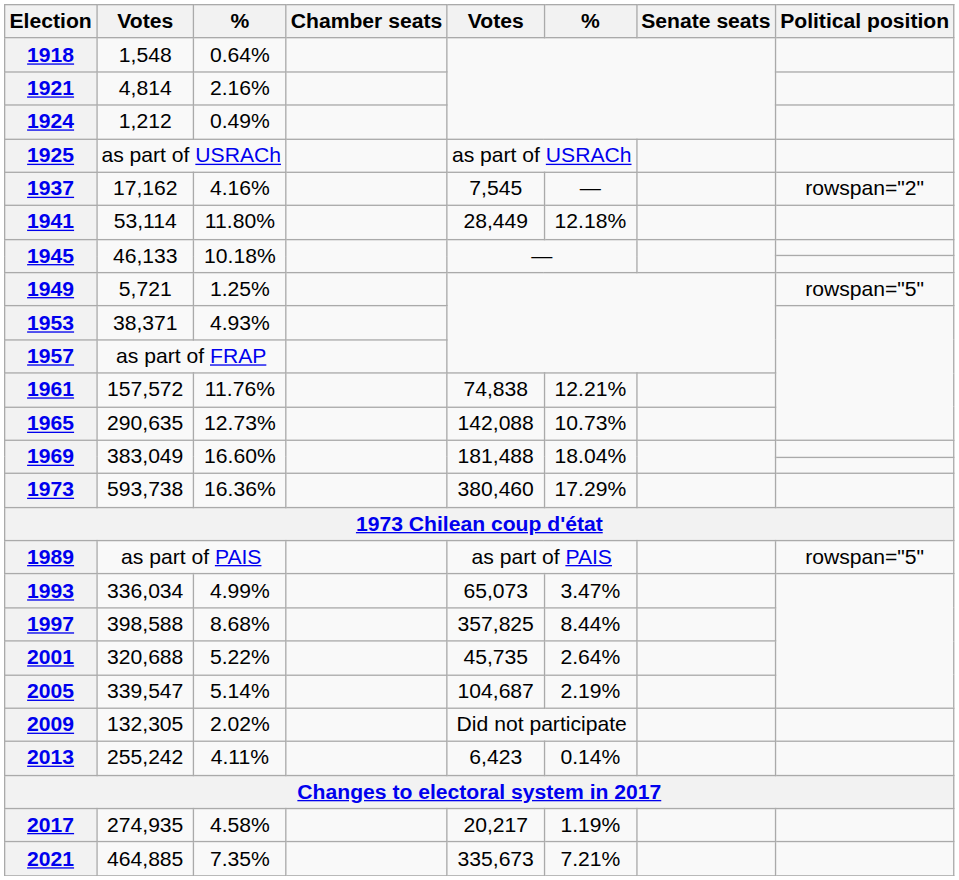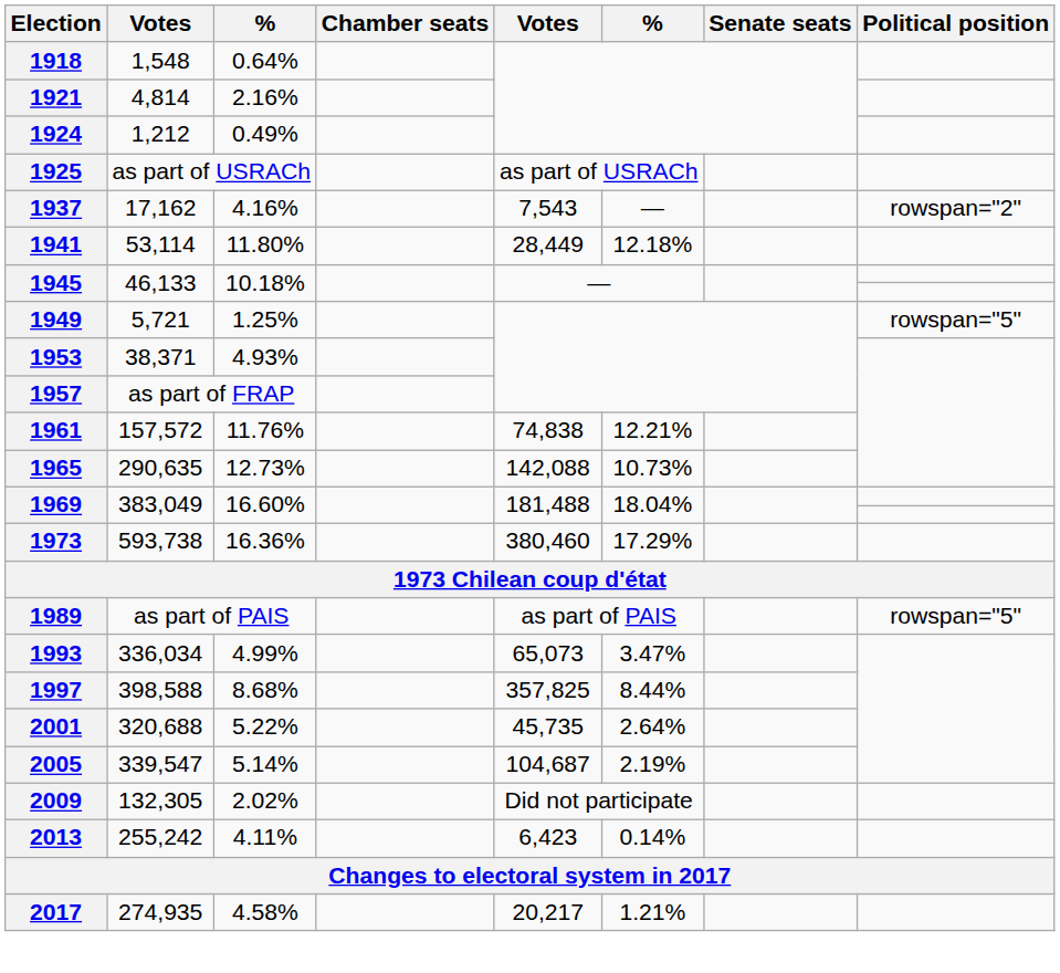 <table class="wikitable" style="text-align:center">
 <tr>
 <th><strong>Election</strong></th>
 <th><strong>Votes</strong></th>
 <th><strong>%</strong></th>
 <th><strong>Chamber seats</strong></th>
 <th>Votes</th>
 <th>%</th>
 <th>Senate seats</th>
 <th>Political position</th>
 </tr>
 <tr>
 <th><a href='#'>1918</a></th>
 <td>1,548</td>
 <td>0.64%</td>
 <td></td>
 <td colspan="3" rowspan="3"></td>
 <td></td>
 </tr>
 <tr>
 <th><a href='#'>1921</a></th>
 <td>4,814</td>
 <td>2.16%</td>
 <td></td>
 <td></td>
 </tr>
 <tr>
 <th><a href='#'>1924</a></th>
 <td>1,212</td>
 <td>0.49%</td>
 <td></td>
 <td></td>
 </tr>
 <tr>
 <th><a href='#'>1925</a></th>
 <td colspan="2">as part of <a href='#'>USRACh</a></td>
 <td></td>
 <td colspan="2">as part of <a href='#'>USRACh</a></td>
 <td></td>
 <td></td>
 </tr>
 <tr>
 <th><a href='#'>1937</a></th>
 <td>17,162</td>
 <td>4.16%</td>
 <td></td>
-<td>7,545</td>
+<td>7,543</td>
 <td>—</td>
 <td></td>
 <td>rowspan="2"</td>
 </tr>
 <tr>
 <th><a href='#'>1941</a></th>
 <td>53,114</td>
 <td>11.80%</td>
 <td></td>
 <td>28,449</td>
 <td>12.18%</td>
 <td></td>
 </tr>
 <tr>
 <th rowspan="2"><a href='#'>1945</a></th>
 <td rowspan="2">46,133</td>
 <td rowspan="2">10.18%</td>
 <td rowspan="2"></td>
 <td colspan="2" rowspan="2">—</td>
 <td rowspan="2"></td>
 <td></td>
 </tr>
 <tr>
 <td></td>
 </tr>
 <tr>
 <th><a href='#'>1949</a></th>
 <td>5,721</td>
 <td>1.25%</td>
 <td></td>
 <td colspan="3" rowspan="3"></td>
 <td>rowspan="5"</td>
 </tr>
 <tr>
 <th><a href='#'>1953</a></th>
 <td>38,371</td>
 <td>4.93%</td>
 <td></td>
 </tr>
 <tr>
 <th><a href='#'>1957</a></th>
 <td colspan="2">as part of <a href='#'>FRAP</a></td>
 <td></td>
 </tr>
 <tr>
 <th><a href='#'>1961</a></th>
 <td>157,572</td>
 <td>11.76%</td>
 <td></td>
 <td>74,838</td>
 <td>12.21%</td>
 <td></td>
 </tr>
 <tr>
 <th><a href='#'>1965</a></th>
 <td>290,635</td>
 <td>12.73%</td>
 <td></td>
 <td>142,088</td>
 <td>10.73%</td>
 <td></td>
 </tr>
 <tr>
 <th rowspan="2"><a href='#'>1969</a></th>
 <td rowspan="2">383,049</td>
 <td rowspan="2">16.60%</td>
 <td rowspan="2"></td>
 <td rowspan="2">181,488</td>
 <td rowspan="2">18.04%</td>
 <td rowspan="2"></td>
 <td></td>
 </tr>
 <tr>
 <td></td>
 </tr>
 <tr>
 <th><a href='#'>1973</a></th>
 <td>593,738</td>
 <td>16.36%</td>
 <td></td>
 <td>380,460</td>
 <td>17.29%</td>
 <td></td>
 <td></td>
 </tr>
 <tr>
 <th colspan="8"><a href='#'>1973 Chilean coup d'état</a></th>
 </tr>
 <tr>
 <th><a href='#'>1989</a></th>
 <td colspan="2">as part of <a href='#'>PAIS</a></td>
 <td></td>
 <td colspan="2">as part of <a href='#'>PAIS</a></td>
 <td></td>
 <td>rowspan="5" </td>
 </tr>
 <tr>
 <th><a href='#'>1993</a></th>
 <td>336,034</td>
 <td>4.99%</td>
 <td></td>
 <td>65,073</td>
 <td>3.47%</td>
 <td></td>
 </tr>
 <tr>
 <th><a href='#'>1997</a></th>
 <td>398,588</td>
 <td>8.68%</td>
 <td></td>
 <td>357,825</td>
 <td>8.44%</td>
 <td></td>
 </tr>
 <tr>
 <th><a href='#'>2001</a></th>
 <td>320,688</td>
 <td>5.22%</td>
 <td></td>
 <td>45,735</td>
 <td>2.64%</td>
 <td></td>
 </tr>
 <tr>
 <th><a href='#'>2005</a></th>
 <td>339,547</td>
 <td>5.14%</td>
 <td></td>
 <td>104,687</td>
 <td>2.19%</td>
 <td></td>
 </tr>
 <tr>
 <th><a href='#'>2009</a></th>
 <td>132,305</td>
 <td>2.02%</td>
 <td></td>
 <td colspan="2">Did not participate</td>
 <td></td>
 <td></td>
 </tr>
 <tr>
 <th><a href='#'>2013</a></th>
 <td>255,242</td>
 <td>4.11%</td>
 <td></td>
 <td>6,423</td>
 <td>0.14%</td>
 <td></td>
 <td></td>
 </tr>
 <tr>
 <th colspan="8"><a href='#'>Changes to electoral system in 2017</a></th>
 </tr>
 <tr>
 <th><a href='#'>2017</a></th>
 <td>274,935</td>
 <td>4.58%</td>
 <td></td>
 <td>20,217</td>
-<td>1.19%</td>
-<td></td>
-<td></td>
-</tr>
-<tr>
-<th><a href='#'>2021</a></th>
-<td>464,885</td>
-<td>7.35%</td>
-<td></td>
-<td>335,673</td>
-<td>7.21%</td>
+<td>1.21%</td>
 <td></td>
 <td></td>
 </tr>
 </table>
